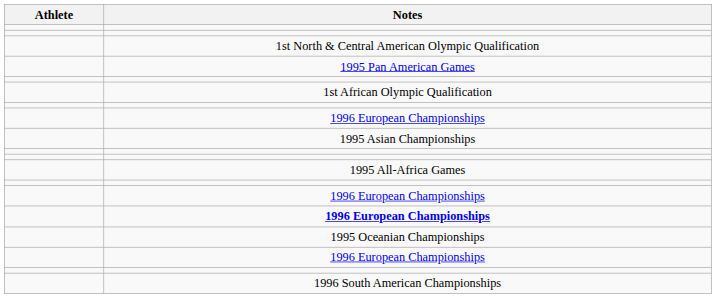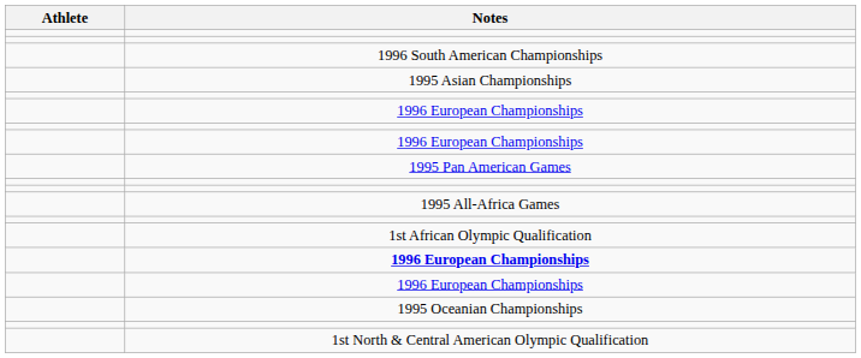 <table class="wikitable sortable" style="font-size:110%; text-align:center;" width="80%">
 <tr>
 <th>Athlete</th>
 <th>Notes</th>
 </tr>
 <tr>
 <td align=left></td>
 <td></td>
 </tr>
 <tr>
 <td align=left></td>
 <td></td>
 </tr>
 <tr>
 <td align=left></td>
-<td>1st North & Central American Olympic Qualification</td>
+<td> 1996 South American Championships</td>
 </tr>
 <tr>
 <td align=left></td>
-<td> <a href='#'>1995 Pan American Games</a></td>
-</tr>
-<tr>
-<td align=left></td>
-<td></td>
-</tr>
-<tr>
-<td align=left></td>
-<td>1st African Olympic Qualification</td>
+<td> 1995 Asian Championships</td>
 </tr>
 <tr>
 <td align=left></td>
 <td></td>
 </tr>
 <tr>
 <td align=left></td>
 <td> <a href='#'>1996 European Championships</a></td>
 </tr>
 <tr>
 <td align=left></td>
-<td> 1995 Asian Championships</td>
+<td></td>
+</tr>
+<tr>
+<td align=left></td>
+<td> <a href='#'>1996 European Championships</a></td>
+</tr>
+<tr>
+<td align=left></td>
+<td> <a href='#'>1995 Pan American Games</a></td>
 </tr>
 <tr>
 <td align=left></td>
 <td></td>
 </tr>
 <tr>
 <td align=left></td>
 <td></td>
 </tr>
 <tr>
 <td align=left></td>
 <td> 1995 All-Africa Games</td>
 </tr>
 <tr>
 <td align=left></td>
 <td></td>
 </tr>
 <tr>
 <td align=left></td>
-<td> <a href='#'>1996 European Championships</a></td>
+<td>1st African Olympic Qualification</td>
 </tr>
 <tr>
 <td align=left></td>
 <td><strong> <a href='#'>1996 European Championships</a></strong></td>
 </tr>
 <tr>
 <td align=left></td>
-<td> 1995 Oceanian Championships</td>
+<td> <a href='#'>1996 European Championships</a></td>
 </tr>
 <tr>
 <td align=left></td>
-<td> <a href='#'>1996 European Championships</a></td>
+<td> 1995 Oceanian Championships</td>
 </tr>
 <tr>
 <td align=left></td>
 <td></td>
 </tr>
 <tr>
 <td align=left></td>
-<td> 1996 South American Championships</td>
+<td>1st North & Central American Olympic Qualification</td>
 </tr>
 </table>
